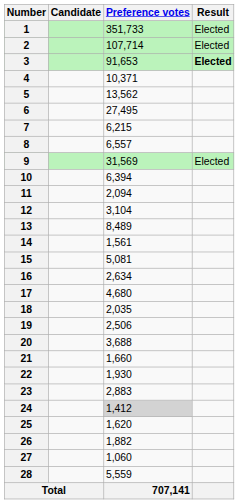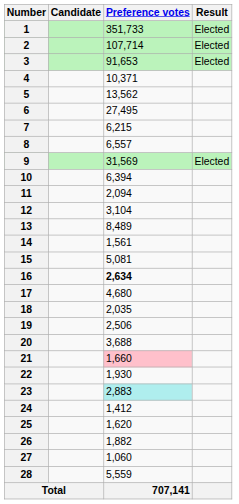 <table class="wikitable sortable" >
 <tr>
 <th scope="col">Number</th>
 <th scope="col">Candidate</th>
 <th scope="col"><a href='#'>Preference votes</a></th>
 <th scope="col">Result</th>
 </tr>
 <tr bgcolor=bbf3bb>
 <th scope="row">1</th>
 <td style="text-align:left"></td>
 <td>351,733</td>
 <td>Elected</td>
 </tr>
 <tr bgcolor=bbf3bb>
 <th scope="row">2</th>
 <td style="text-align:left"></td>
 <td>107,714</td>
 <td>Elected</td>
 </tr>
 <tr bgcolor=bbf3bb>
 <th scope="row">3</th>
 <td style="text-align:left"></td>
 <td>91,653</td>
-<td><strong>Elected</strong></td>
+<td>Elected</td>
 </tr>
 <tr>
 <th scope="row">4</th>
 <td style="text-align:left"></td>
 <td>10,371</td>
 <td></td>
 </tr>
 <tr>
 <th scope="row">5</th>
 <td style="text-align:left"></td>
 <td>13,562</td>
 <td></td>
 </tr>
 <tr>
 <th scope="row">6</th>
 <td style="text-align:left"></td>
 <td>27,495</td>
 <td></td>
 </tr>
 <tr>
 <th scope="row">7</th>
 <td style="text-align:left"></td>
 <td>6,215</td>
 <td></td>
 </tr>
 <tr>
 <th scope="row">8</th>
 <td style="text-align:left"></td>
 <td>6,557</td>
 <td></td>
 </tr>
 <tr bgcolor=bbf3bb>
 <th scope="row">9</th>
 <td style="text-align:left"></td>
 <td>31,569</td>
 <td>Elected</td>
 </tr>
 <tr>
 <th scope="row">10</th>
 <td style="text-align:left"></td>
 <td>6,394</td>
 <td></td>
 </tr>
 <tr>
 <th scope="row">11</th>
 <td style="text-align:left"></td>
 <td>2,094</td>
 <td></td>
 </tr>
 <tr>
 <th scope="row">12</th>
 <td style="text-align:left"></td>
 <td>3,104</td>
 <td></td>
 </tr>
 <tr>
 <th scope="row">13</th>
 <td style="text-align:left"></td>
 <td>8,489</td>
 <td></td>
 </tr>
 <tr>
 <th scope="row">14</th>
 <td style="text-align:left"></td>
 <td>1,561</td>
 <td></td>
 </tr>
 <tr>
 <th scope="row">15</th>
 <td style="text-align:left"></td>
 <td>5,081</td>
 <td></td>
 </tr>
 <tr>
 <th scope="row">16</th>
 <td style="text-align:left"></td>
-<td>2,634</td>
+<td><strong>2,634</strong></td>
 <td></td>
 </tr>
 <tr>
 <th scope="row">17</th>
 <td style="text-align:left"></td>
 <td>4,680</td>
 <td></td>
 </tr>
 <tr>
 <th scope="row">18</th>
 <td style="text-align:left"></td>
 <td>2,035</td>
 <td></td>
 </tr>
 <tr>
 <th scope="row">19</th>
 <td style="text-align:left"></td>
 <td>2,506</td>
 <td></td>
 </tr>
 <tr>
 <th scope="row">20</th>
 <td style="text-align:left"></td>
 <td>3,688</td>
 <td></td>
 </tr>
 <tr>
 <th scope="row">21</th>
 <td style="text-align:left"></td>
-<td>1,660</td>
+<td style="background: pink;">1,660</td>
 <td></td>
 </tr>
 <tr>
 <th scope="row">22</th>
 <td style="text-align:left"></td>
 <td>1,930</td>
 <td></td>
 </tr>
 <tr>
 <th scope="row">23</th>
 <td style="text-align:left"></td>
-<td>2,883</td>
+<td style="background: paleturquoise;">2,883</td>
 <td></td>
 </tr>
 <tr>
 <th scope="row">24</th>
 <td style="text-align:left"></td>
-<td style="background: lightgrey;">1,412</td>
+<td>1,412</td>
 <td></td>
 </tr>
 <tr>
 <th scope="row">25</th>
 <td style="text-align:left"></td>
 <td>1,620</td>
 <td></td>
 </tr>
 <tr>
 <th scope="row">26</th>
 <td style="text-align:left"></td>
 <td>1,882</td>
 <td></td>
 </tr>
 <tr>
 <th scope="row">27</th>
 <td style="text-align:left"></td>
 <td>1,060</td>
 <td></td>
 </tr>
 <tr>
 <th scope="row">28</th>
 <td style="text-align:left"></td>
 <td>5,559</td>
 <td></td>
 </tr>
 <tr class="sortbottom">
 <th scope="row"  colspan="2">Total</th>
 <th style="text-align:right">707,141</th>
 <th></th>
 </tr>
 </table>
